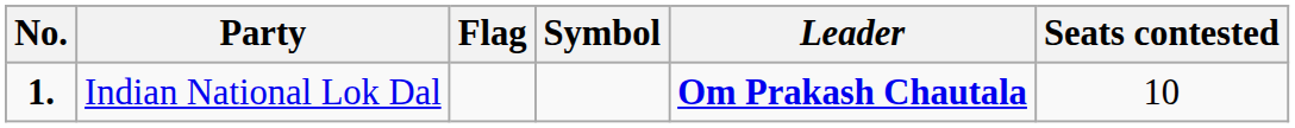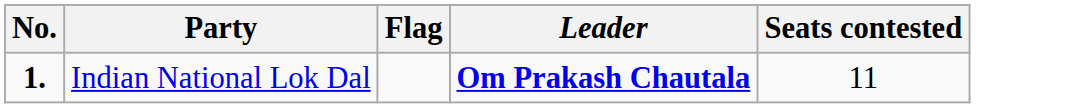 <table class="wikitable">
 <tr>
 <th>No.</th>
 <th>Party</th>
 <th><strong>Flag</strong></th>
-<th>Symbol</th>
 <th><em>Leader</em></th>
 <th>Seats contested</th>
 </tr>
 <tr>
 <td ! style="text-align:center; background:"><strong>1.</strong></td>
 <td style="text-align:center"><a href='#'>Indian National Lok Dal</a></td>
 <td></td>
-<td></td>
 <td style="text-align:center"><strong><a href='#'>Om Prakash Chautala</a></strong></td>
-<td style="text-align:center">10</td>
+<td style="text-align:center">11</td>
 </tr>
 </table>
